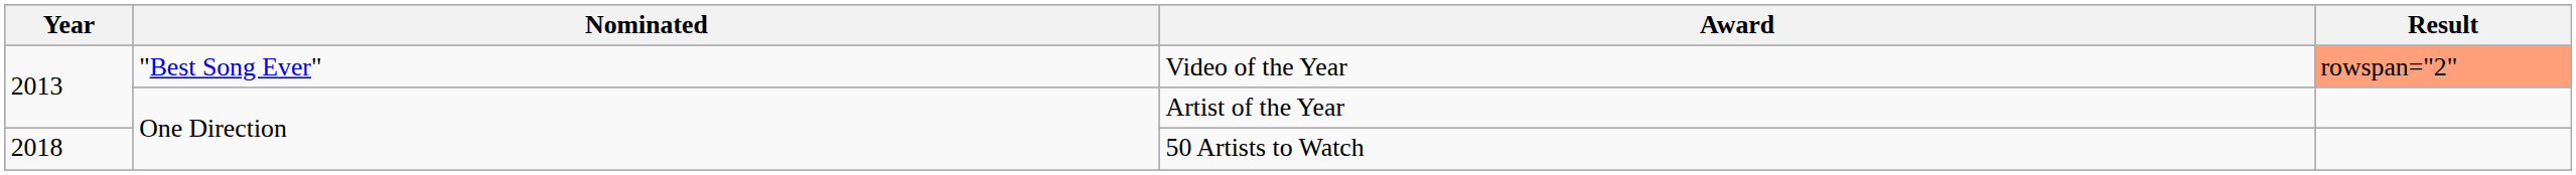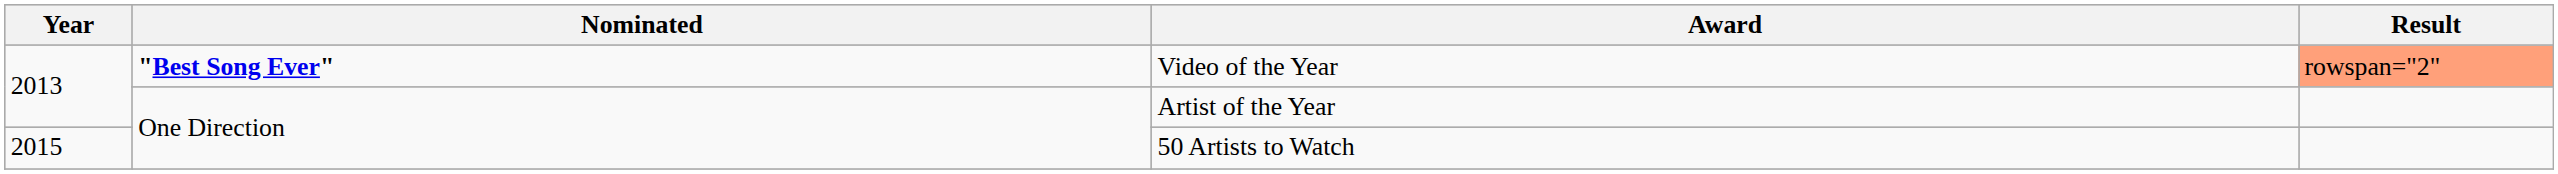 <table class="wikitable" width=100%>
 <tr>
 <th width=5%>Year</th>
 <th width=40%>Nominated</th>
 <th width=45%>Award</th>
 <th width=10%>Result</th>
 </tr>
 <tr>
 <td rowspan="2">2013</td>
-<td>"<a href='#'>Best Song Ever</a>"</td>
+<td><strong>"<a href='#'>Best Song Ever</a>"</strong></td>
 <td>Video of the Year</td>
 <td style="background: lightsalmon;">rowspan="2" </td>
 </tr>
 <tr>
 <td rowspan="2">One Direction</td>
 <td>Artist of the Year</td>
 </tr>
 <tr>
-<td>2018</td>
+<td>2015</td>
 <td>50 Artists to Watch</td>
 <td></td>
 </tr>
 </table>
